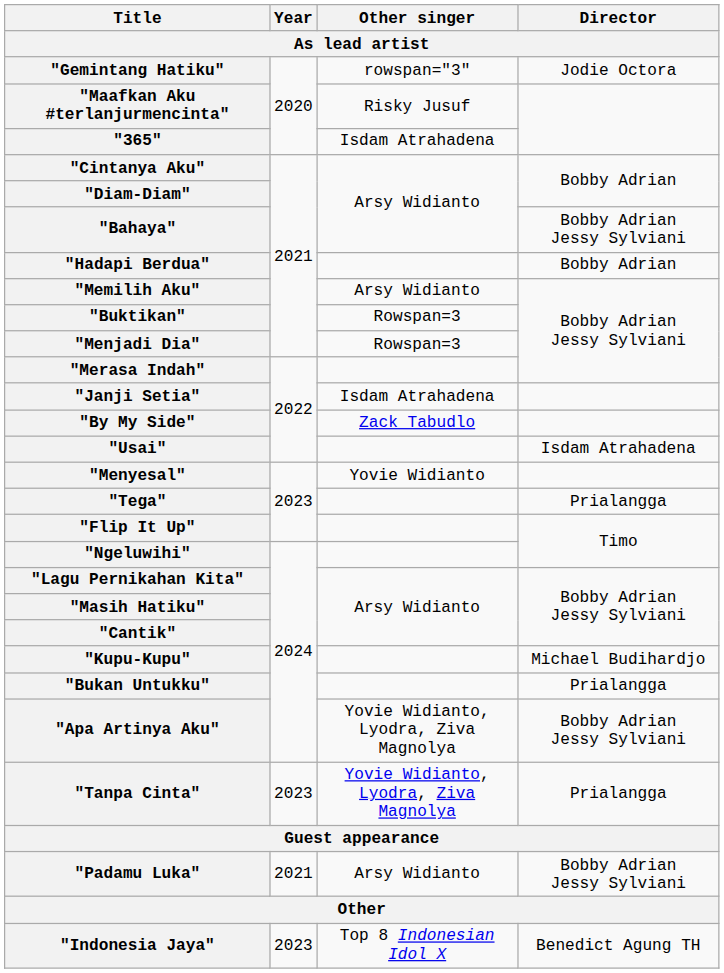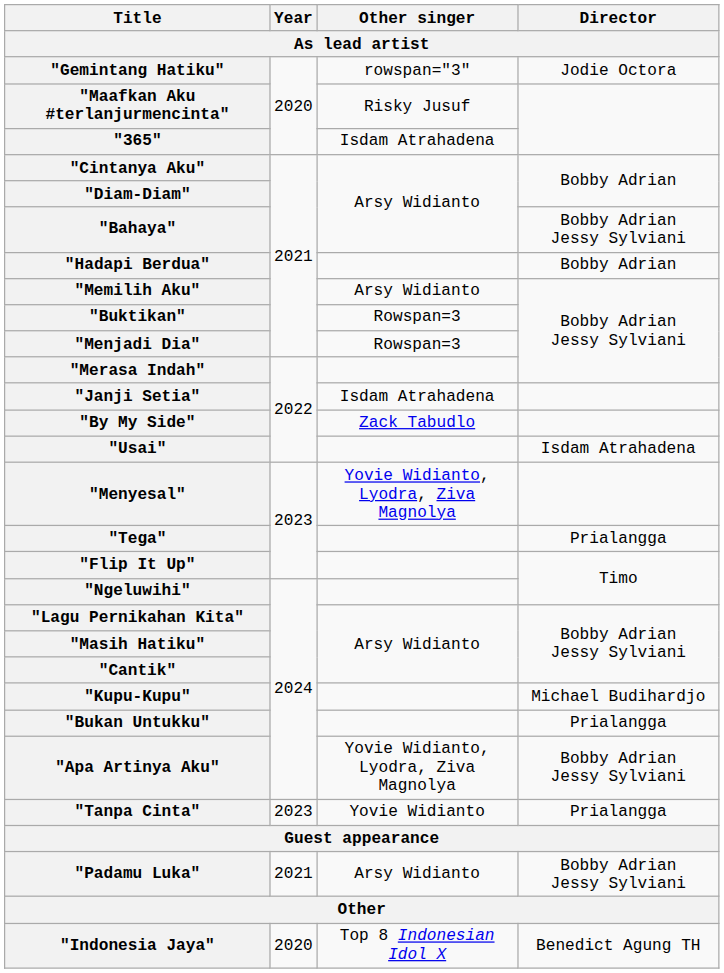 <table class="wikitable plainrowheaders" style="text-align:center;">
 <tr>
 <th scope="col" style="width:16em;">Title</th>
 <th scope="col">Year</th>
 <th scope="col" style="width:12em;">Other singer</th>
 <th scope="col" style="width:12em;">Director</th>
 </tr>
 <tr>
 <th colspan="4" scope="col">As lead artist</th>
 </tr>
 <tr>
 <th scope="row">"Gemintang Hatiku"</th>
 <td rowspan="3">2020</td>
 <td>rowspan="3" </td>
 <td>Jodie Octora</td>
 </tr>
 <tr>
 <th scope="row">"Maafkan Aku #terlanjurmencinta"</th>
 <td>Risky Jusuf</td>
 </tr>
 <tr>
 <th scope="row">"365"</th>
 <td>Isdam Atrahadena</td>
 </tr>
 <tr>
 <th scope="row">"Cintanya Aku"</th>
 <td rowspan="7">2021</td>
 <td rowspan="3">Arsy Widianto</td>
 <td rowspan="2">Bobby Adrian</td>
 </tr>
 <tr>
 <th scope="row">"Diam-Diam"</th>
 </tr>
 <tr>
 <th scope="row">"Bahaya"</th>
 <td>Bobby Adrian<br>Jessy Sylviani</td>
 </tr>
 <tr>
 <th scope="row">"Hadapi Berdua"</th>
 <td></td>
 <td>Bobby Adrian</td>
 </tr>
 <tr>
 <th scope="row">"Memilih Aku"</th>
 <td>Arsy Widianto</td>
 <td rowspan="4">Bobby Adrian<br>Jessy Sylviani</td>
 </tr>
 <tr>
 <th scope="row">"Buktikan"</th>
 <td>Rowspan=3 </td>
 </tr>
 <tr>
 <th scope="row">"Menjadi Dia"</th>
 <td>Rowspan=3 </td>
 </tr>
 <tr>
 <th scope="row">"Merasa Indah"</th>
 <td rowspan="4">2022</td>
 </tr>
 <tr>
 <th scope="row">"Janji Setia"</th>
 <td>Isdam Atrahadena</td>
 </tr>
 <tr>
 <th scope="row">"By My Side"</th>
 <td><a href='#'>Zack Tabudlo</a></td>
 <td></td>
 </tr>
 <tr>
 <th scope="row">"Usai"</th>
 <td></td>
 <td>Isdam Atrahadena</td>
 </tr>
 <tr>
 <th scope="row">"Menyesal"</th>
 <td rowspan="3">2023</td>
-<td>Yovie Widianto</td>
+<td><a href='#'>Yovie Widianto</a>, <a href='#'>Lyodra</a>, <a href='#'>Ziva Magnolya</a></td>
 <td></td>
 </tr>
 <tr>
 <th scope="row">"Tega"</th>
 <td></td>
 <td>Prialangga</td>
 </tr>
 <tr>
 <th scope="row">"Flip It Up"</th>
 <td></td>
 <td rowspan="2">Timo</td>
 </tr>
 <tr>
 <th scope="row">"Ngeluwihi"</th>
 <td rowspan="7">2024</td>
 <td></td>
 </tr>
 <tr>
 <th scope="row">"Lagu Pernikahan Kita"</th>
 <td rowspan="3">Arsy Widianto</td>
 <td rowspan="3">Bobby Adrian<br>Jessy Sylviani</td>
 </tr>
 <tr>
 <th scope="row">"Masih Hatiku"</th>
 </tr>
 <tr>
 <th scope="row">"Cantik"</th>
 </tr>
 <tr>
 <th scope="row">"Kupu-Kupu"</th>
 <td></td>
 <td>Michael Budihardjo</td>
 </tr>
 <tr>
 <th scope="row">"Bukan Untukku"</th>
 <td></td>
 <td>Prialangga</td>
 </tr>
 <tr>
 <th scope="row">"Apa Artinya Aku"</th>
 <td>Yovie Widianto, Lyodra, Ziva Magnolya</td>
 <td>Bobby Adrian<br>Jessy Sylviani</td>
 </tr>
 <tr>
 <th scope="row">"Tanpa Cinta"</th>
 <td rowspan="1">2023</td>
-<td><a href='#'>Yovie Widianto</a>, <a href='#'>Lyodra</a>, <a href='#'>Ziva Magnolya</a></td>
+<td>Yovie Widianto</td>
 <td>Prialangga</td>
 </tr>
 <tr>
 <th colspan="4">Guest appearance</th>
 </tr>
 <tr>
 <th scope="row">"Padamu Luka"</th>
 <td>2021</td>
 <td>Arsy Widianto</td>
 <td>Bobby Adrian<br>Jessy Sylviani</td>
 </tr>
 <tr>
 <th colspan="4">Other</th>
 </tr>
 <tr>
 <th scope="row">"Indonesia Jaya"</th>
-<td>2023</td>
+<td>2020</td>
 <td>Top 8 <em><a href='#'>Indonesian Idol X</a></em></td>
 <td>Benedict Agung TH</td>
 </tr>
 </table>
